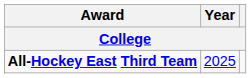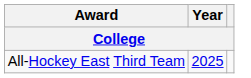 <table class="wikitable">
 <tr>
 <th>Award</th>
 <th>Year</th>
 <th></th>
 </tr>
 <tr>
 <th colspan="3"><a href='#'>College</a></th>
 </tr>
 <tr>
-<td><strong>All-<a href='#'>Hockey East</a> <a href='#'>Third Team</a></strong></td>
+<td>All-<a href='#'>Hockey East</a> <a href='#'>Third Team</a></td>
 <td><a href='#'>2025</a></td>
 <td></td>
 </tr>
 </table>
